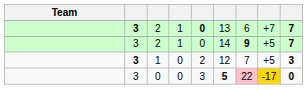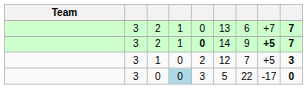 <table class="wikitable" style="text-align: center; font-size: 90%;">
 <tr>
 <th width="165">Team</th>
 <th width="25"></th>
 <th width="25"></th>
 <th width="25"></th>
 <th width="25"></th>
 <th width="25"></th>
 <th width="25"></th>
 <th width="25"></th>
 <th width="25"><br></th>
 </tr>
 <tr align="center">
 </tr>
 <tr bgcolor=#ccffcc>
 <td style="text-align:left;"></td>
-<td><strong>3</strong></td>
+<td>3</td>
 <td>2</td>
 <td>1</td>
-<td><strong>0</strong></td>
+<td>0</td>
 <td>13</td>
 <td>6</td>
 <td>+7</td>
 <td><strong>7</strong></td>
 </tr>
 <tr align=center>
 </tr>
 <tr bgcolor=#ccffcc>
 <td style="text-align:left;"></td>
 <td>3</td>
 <td>2</td>
 <td>1</td>
-<td>0</td>
+<td><strong>0</strong></td>
 <td>14</td>
-<td><strong>9</strong></td>
-<td>+5</td>
+<td>9</td>
+<td><strong>+5</strong></td>
 <td><strong>7</strong></td>
 </tr>
 <tr align=center>
 <td style="text-align:left;"></td>
-<td><strong>3</strong></td>
+<td>3</td>
 <td>1</td>
 <td>0</td>
 <td>2</td>
 <td>12</td>
 <td>7</td>
 <td>+5</td>
 <td><strong>3</strong></td>
 </tr>
 <tr align="center">
 <td style="text-align:left;"></td>
 <td>3</td>
 <td>0</td>
-<td>0</td>
+<td style="background: lightblue;">0</td>
 <td>3</td>
-<td><strong>5</strong></td>
-<td style="background: pink;">22</td>
-<td style="background: gold;">-17</td>
+<td>5</td>
+<td>22</td>
+<td>-17</td>
 <td><strong>0</strong></td>
 </tr>
 </table>
